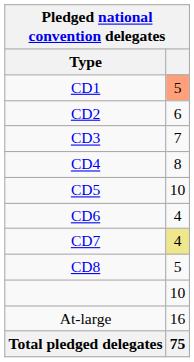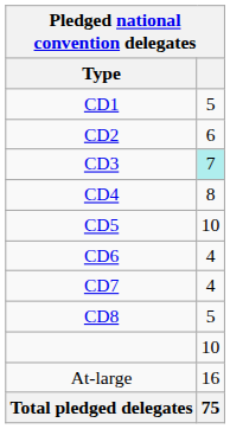 <table class="wikitable sortable" style="font-size:90%;text-align:center;float:right;padding:5px;">
 <tr>
 <th colspan="2">Pledged <a href='#'>national<br>convention</a> delegates</th>
 </tr>
 <tr>
 <th>Type</th>
 <th></th>
 </tr>
 <tr>
 <td><a href='#'>CD1</a></td>
-<td style="background: lightsalmon;">5</td>
+<td>5</td>
 </tr>
 <tr>
 <td><a href='#'>CD2</a></td>
 <td>6</td>
 </tr>
 <tr>
 <td><a href='#'>CD3</a></td>
-<td>7</td>
+<td style="background: paleturquoise;">7</td>
 </tr>
 <tr>
 <td><a href='#'>CD4</a></td>
 <td>8</td>
 </tr>
 <tr>
 <td><a href='#'>CD5</a></td>
 <td>10</td>
 </tr>
 <tr>
 <td><a href='#'>CD6</a></td>
 <td>4</td>
 </tr>
 <tr>
 <td><a href='#'>CD7</a></td>
-<td style="background: khaki;">4</td>
+<td>4</td>
 </tr>
 <tr>
 <td><a href='#'>CD8</a></td>
 <td>5</td>
 </tr>
 <tr>
 <td></td>
 <td>10</td>
 </tr>
 <tr>
 <td>At-large</td>
 <td>16</td>
 </tr>
 <tr>
 <th>Total pledged delegates</th>
 <th>75</th>
 </tr>
 </table>
